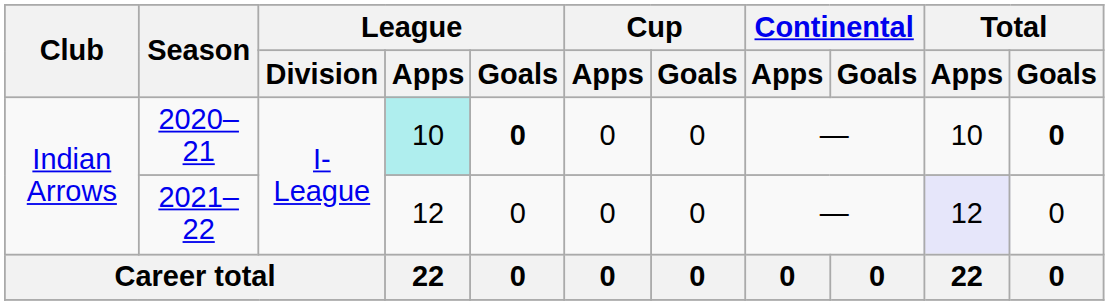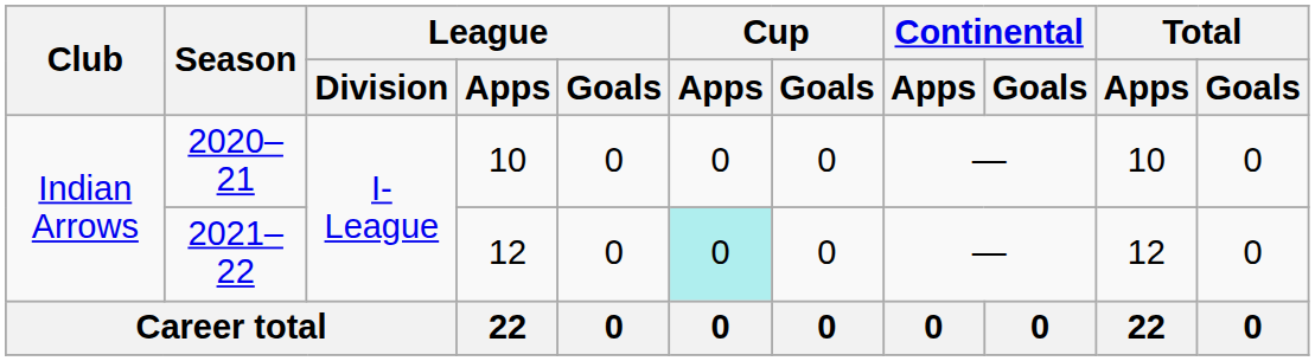 <table class="wikitable" style="text-align: center;">
 <tr>
 <th rowspan="2">Club</th>
 <th rowspan="2">Season</th>
 <th colspan="3">League</th>
 <th colspan="2">Cup</th>
 <th colspan="2"><a href='#'>Continental</a></th>
 <th colspan="2">Total</th>
 </tr>
 <tr>
 <th>Division</th>
 <th>Apps</th>
 <th>Goals</th>
 <th>Apps</th>
 <th>Goals</th>
 <th>Apps</th>
 <th>Goals</th>
 <th>Apps</th>
 <th>Goals</th>
 </tr>
 <tr>
 <td rowspan="2"><a href='#'>Indian Arrows</a></td>
 <td><a href='#'>2020–21</a></td>
 <td rowspan="2"><a href='#'>I-League</a></td>
-<td style="background: paleturquoise;">10</td>
-<td><strong>0</strong></td>
+<td>10</td>
+<td>0</td>
 <td>0</td>
 <td>0</td>
 <td colspan="2">—</td>
 <td>10</td>
-<td><strong>0</strong></td>
+<td>0</td>
 </tr>
 <tr>
 <td><a href='#'>2021–22</a></td>
 <td>12</td>
 <td>0</td>
-<td>0</td>
+<td style="background: paleturquoise;">0</td>
 <td>0</td>
 <td colspan="2">—</td>
-<td style="background: lavender;">12</td>
+<td>12</td>
 <td>0</td>
 </tr>
 <tr>
 <th colspan="3">Career total</th>
 <th>22</th>
 <th>0</th>
 <th>0</th>
 <th>0</th>
 <th>0</th>
 <th>0</th>
 <th>22</th>
 <th>0</th>
 </tr>
 </table>
